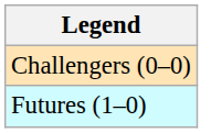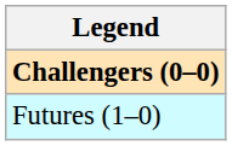 <table class=wikitable style=font-size:97%>
 <tr>
 <th>Legend</th>
 </tr>
 <tr bgcolor=moccasin>
-<td>Challengers (0–0)</td>
+<td><strong>Challengers (0–0)</strong></td>
 </tr>
 <tr bgcolor=CFFCFF>
 <td>Futures (1–0)</td>
 </tr>
 </table>
